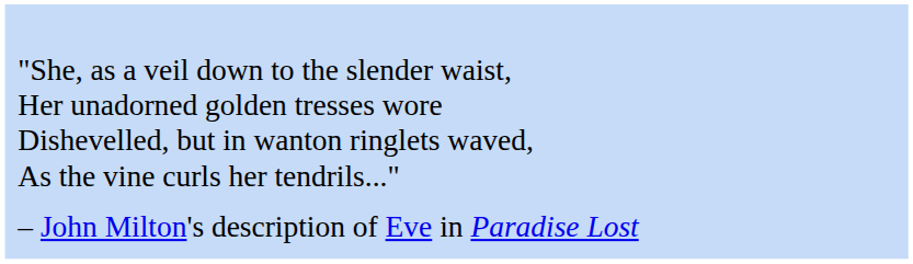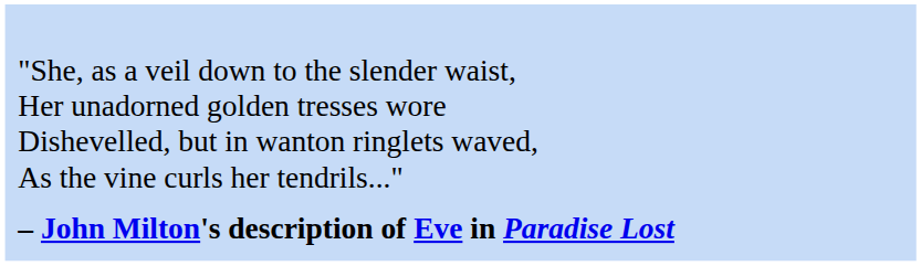 <table class="toccolours" style="float: right; margin-left: 1em; margin-right: 2em; font-size: 85%; background:#c6dbf7; color:black; width:30em; max-width: 100%;" cellspacing="5">
 <tr>
 <td style="text-align: left;"><br>"She, as a veil down to the slender waist,<br> Her unadorned golden tresses wore<br> Dishevelled, but in wanton ringlets waved,<br> As the vine curls her tendrils..."</td>
 </tr>
 <tr>
-<td style="text-align: left;">– <a href='#'>John Milton</a>'s description of <a href='#'>Eve</a> in <em><a href='#'>Paradise Lost</a></em></td>
+<td style="text-align: left;"><strong>– <a href='#'>John Milton</a>'s description of <a href='#'>Eve</a> in <em><a href='#'>Paradise Lost</a></em></strong></td>
 </tr>
 </table>
